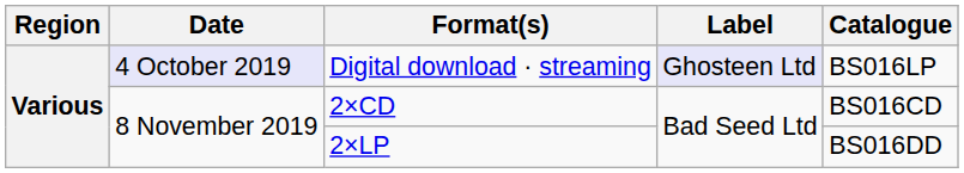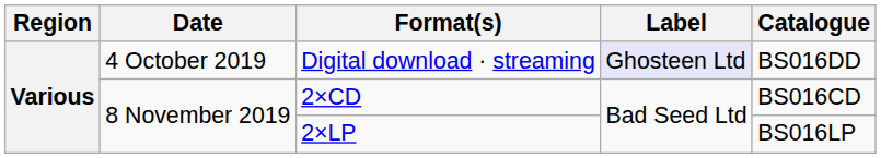 <table class="wikitable plainrowheaders" style="text-align:left">
 <tr>
 <th scope="col">Region</th>
 <th scope="col">Date</th>
 <th scope="col">Format(s)</th>
 <th scope="col">Label</th>
 <th scope="col">Catalogue</th>
 </tr>
 <tr>
 <th scope="row" rowspan="3">Various</th>
-<td style="background: lavender;">4 October 2019</td>
+<td>4 October 2019</td>
 <td><a href='#'>Digital download</a> · <a href='#'>streaming</a></td>
 <td style="background: lavender;">Ghosteen Ltd</td>
-<td>BS016LP</td>
+<td>BS016DD</td>
 </tr>
 <tr>
 <td rowspan="2">8 November 2019</td>
 <td><a href='#'>2×CD</a></td>
 <td rowspan="2">Bad Seed Ltd</td>
 <td>BS016CD</td>
 </tr>
 <tr>
 <td><a href='#'>2×LP</a></td>
-<td>BS016DD</td>
+<td>BS016LP</td>
 </tr>
 </table>
